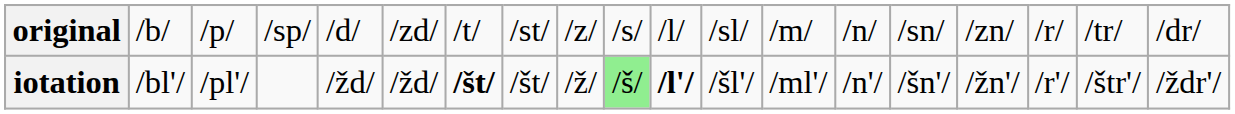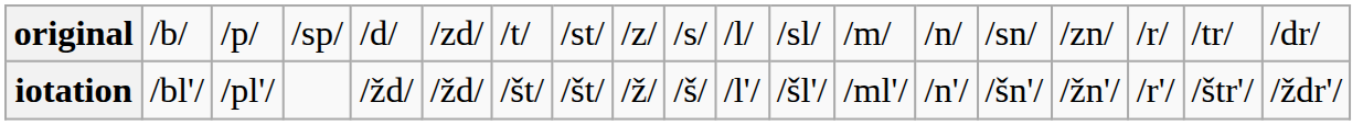 <table class="wikitable">
 <tr>
 <th colspan="1">original</th>
 <td>/b/</td>
 <td>/p/</td>
 <td>/sp/</td>
 <td>/d/</td>
 <td>/zd/</td>
 <td>/t/</td>
 <td>/st/</td>
 <td>/z/</td>
 <td>/s/</td>
 <td>/l/</td>
 <td>/sl/</td>
 <td>/m/</td>
 <td>/n/</td>
 <td>/sn/</td>
 <td>/zn/</td>
 <td>/r/</td>
 <td>/tr/</td>
 <td>/dr/</td>
 </tr>
 <tr>
 <th colspan="1">iotation</th>
 <td>/bl'/</td>
 <td>/pl'/</td>
 <td></td>
 <td>/žd/</td>
 <td>/žd/</td>
-<td><strong>/št/</strong></td>
+<td>/št/</td>
 <td>/št/</td>
 <td>/ž/</td>
-<td style="background: lightgreen;">/š/</td>
-<td><strong>/l'/</strong></td>
+<td>/š/</td>
+<td>/l'/</td>
 <td>/šl'/</td>
 <td>/ml'/</td>
 <td>/n'/</td>
 <td>/šn'/</td>
 <td>/žn'/</td>
 <td>/r'/</td>
 <td>/štr'/</td>
 <td>/ždr'/</td>
 </tr>
 </table>
